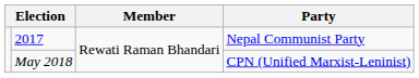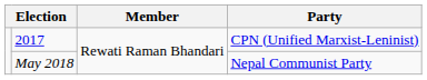 <table class="wikitable">
 <tr>
 <th colspan="2">Election</th>
 <th>Member</th>
 <th>Party</th>
 </tr>
 <tr>
 <td rowspan="2" style="background-color:"></td>
 <td><a href='#'>2017</a></td>
 <td rowspan="2">Rewati Raman Bhandari</td>
-<td><a href='#'>Nepal Communist Party</a></td>
+<td><a href='#'>CPN (Unified Marxist-Leninist)</a></td>
 </tr>
 <tr>
 <td><em>May 2018</em></td>
-<td><a href='#'>CPN (Unified Marxist-Leninist)</a></td>
+<td><a href='#'>Nepal Communist Party</a></td>
 </tr>
 </table>
